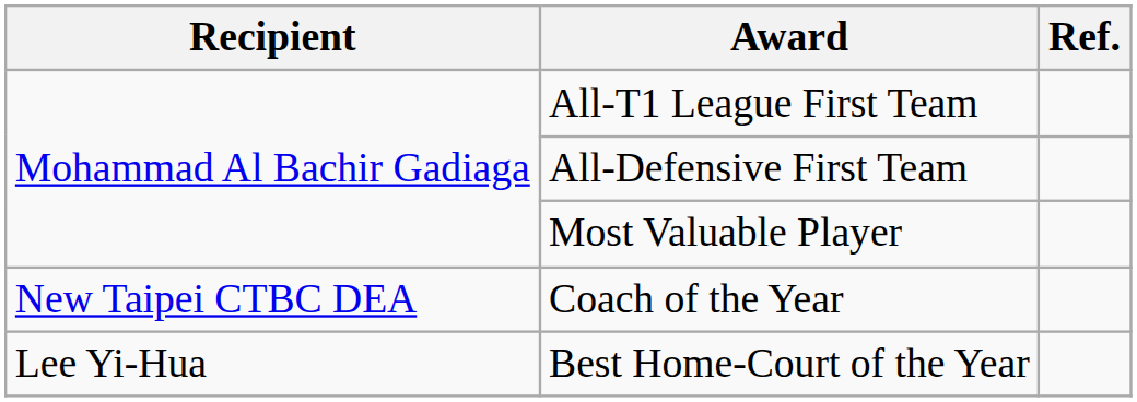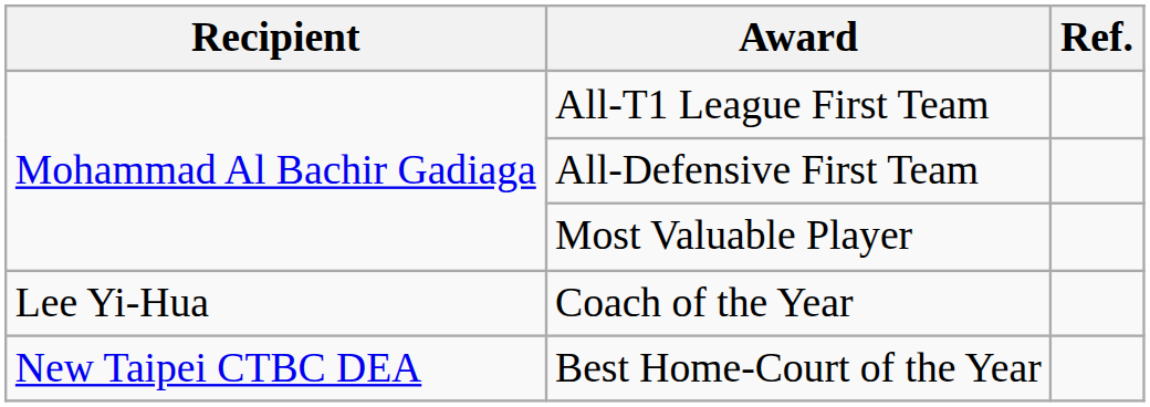 <table class="wikitable">
 <tr>
 <th>Recipient</th>
 <th>Award</th>
 <th>Ref.</th>
 </tr>
 <tr>
 <td rowspan=3><a href='#'>Mohammad Al Bachir Gadiaga</a></td>
 <td>All-T1 League First Team</td>
 <td></td>
 </tr>
 <tr>
 <td>All-Defensive First Team</td>
 <td></td>
 </tr>
 <tr>
 <td>Most Valuable Player</td>
 <td></td>
 </tr>
 <tr>
-<td><a href='#'>New Taipei CTBC DEA</a></td>
+<td>Lee Yi-Hua</td>
 <td>Coach of the Year</td>
 <td></td>
 </tr>
 <tr>
-<td>Lee Yi-Hua</td>
+<td><a href='#'>New Taipei CTBC DEA</a></td>
 <td>Best Home-Court of the Year</td>
 <td></td>
 </tr>
 </table>
